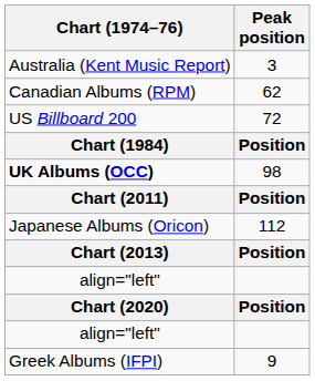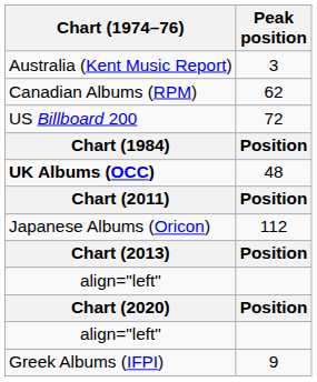 <table class="wikitable" style="text-align:center;">
 <tr>
 <th>Chart (1974–76)</th>
 <th>Peak<br>position</th>
 </tr>
 <tr>
 <td align="left">Australia (<a href='#'>Kent Music Report</a>)</td>
 <td>3</td>
 </tr>
 <tr>
 <td align="left">Canadian Albums (<a href='#'>RPM</a>)</td>
 <td>62</td>
 </tr>
 <tr>
 <td align="left">US <a href='#'><em>Billboard</em> 200</a></td>
 <td>72</td>
 </tr>
 <tr>
 <th>Chart (1984)</th>
 <th>Position</th>
 </tr>
 <tr>
 <td align="left"><strong>UK Albums (<a href='#'>OCC</a>)</strong></td>
-<td>98</td>
+<td>48</td>
 </tr>
 <tr>
 <th>Chart (2011)</th>
 <th>Position</th>
 </tr>
 <tr>
 <td align="left">Japanese Albums (<a href='#'>Oricon</a>)</td>
 <td>112</td>
 </tr>
 <tr>
 <th>Chart (2013)</th>
 <th>Position</th>
 </tr>
 <tr>
 <td>align="left"</td>
 </tr>
 <tr>
 <th>Chart (2020)</th>
 <th>Position</th>
 </tr>
 <tr>
 <td>align="left"</td>
 </tr>
 <tr>
 <td align="left">Greek Albums (<a href='#'>IFPI</a>)</td>
 <td>9</td>
 </tr>
 </table>
